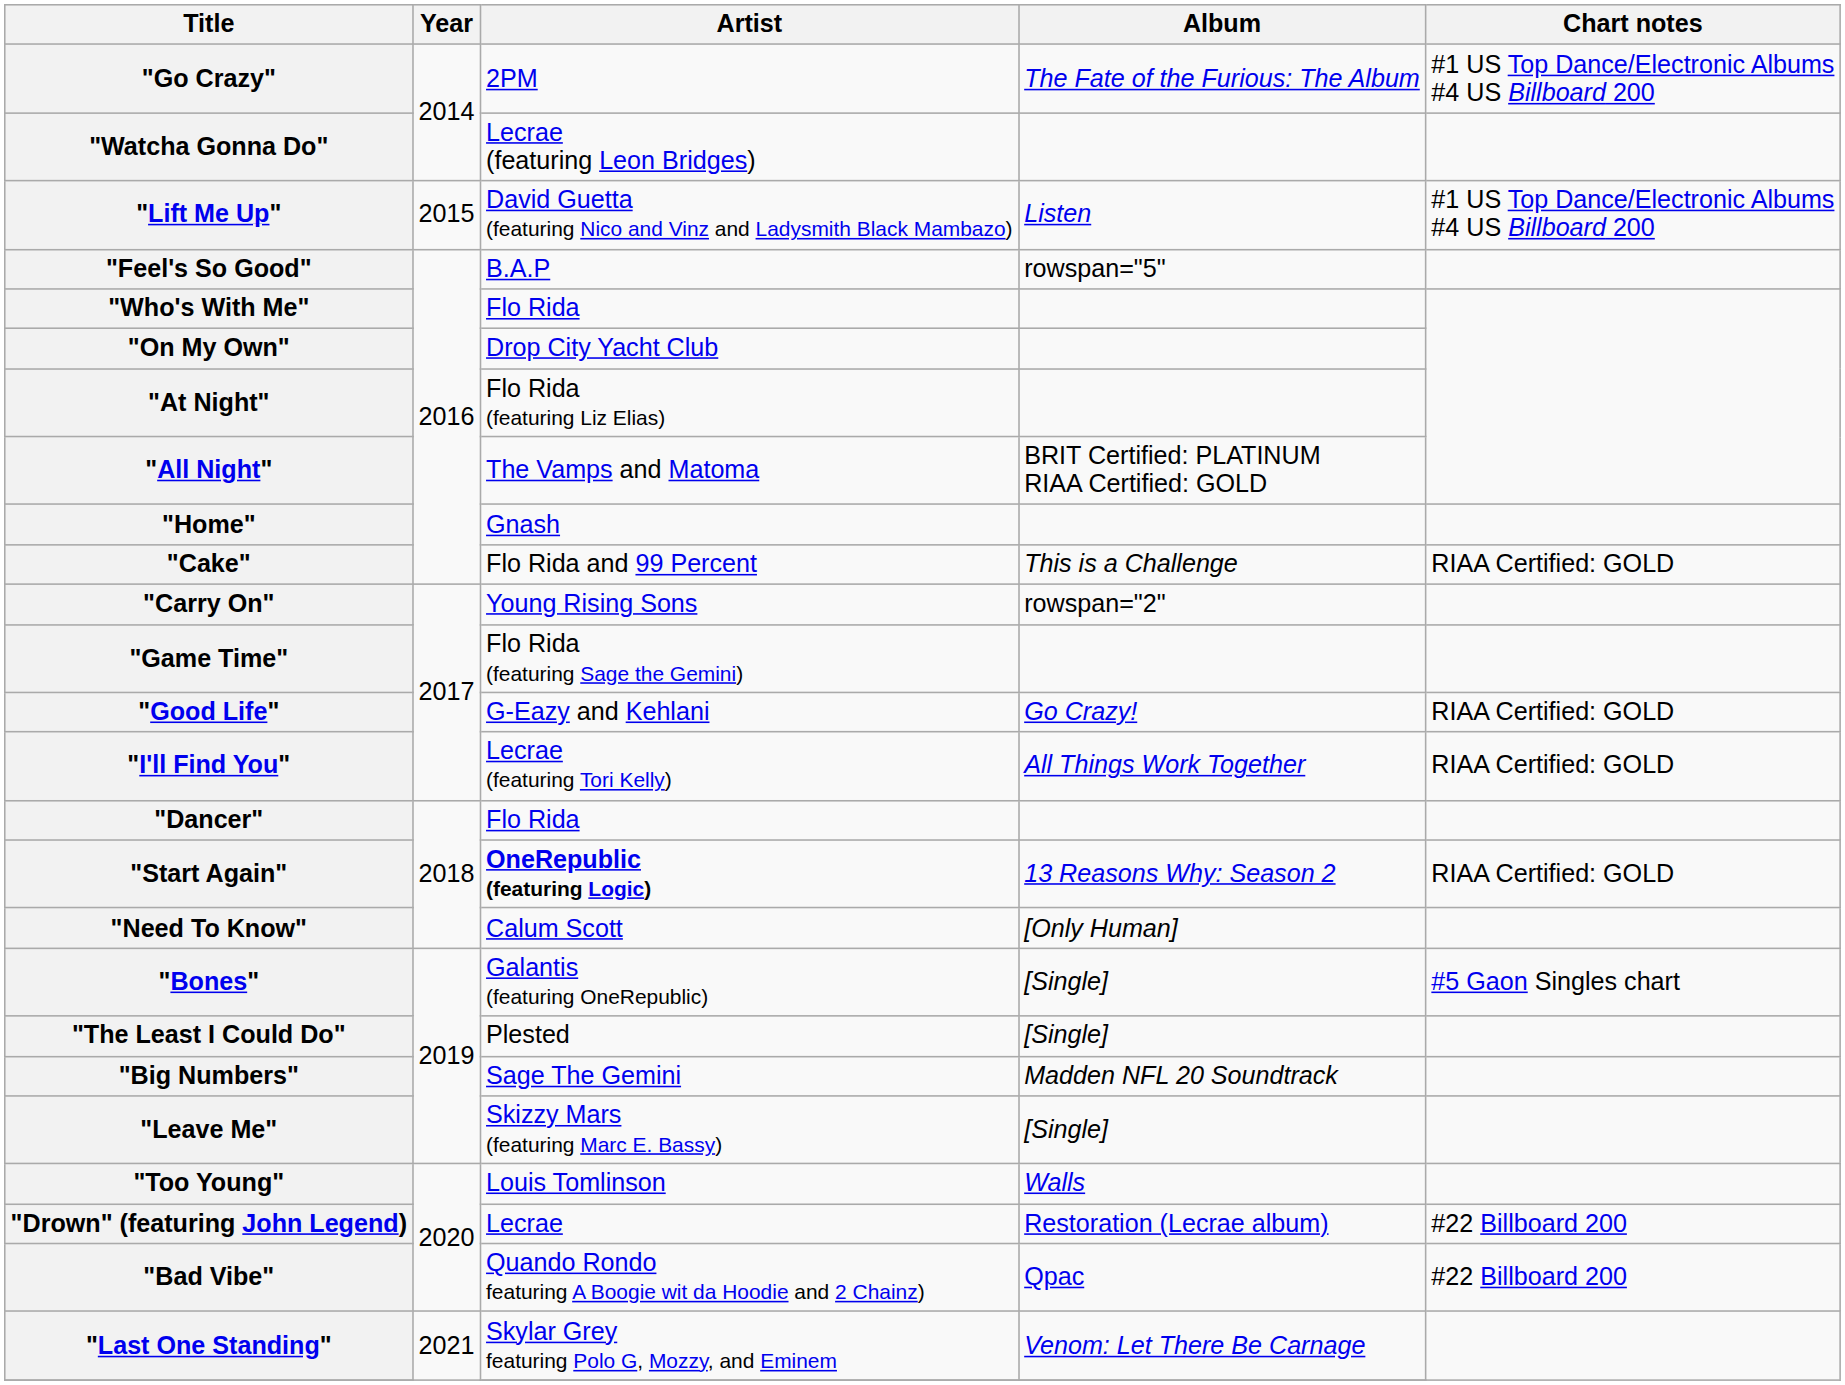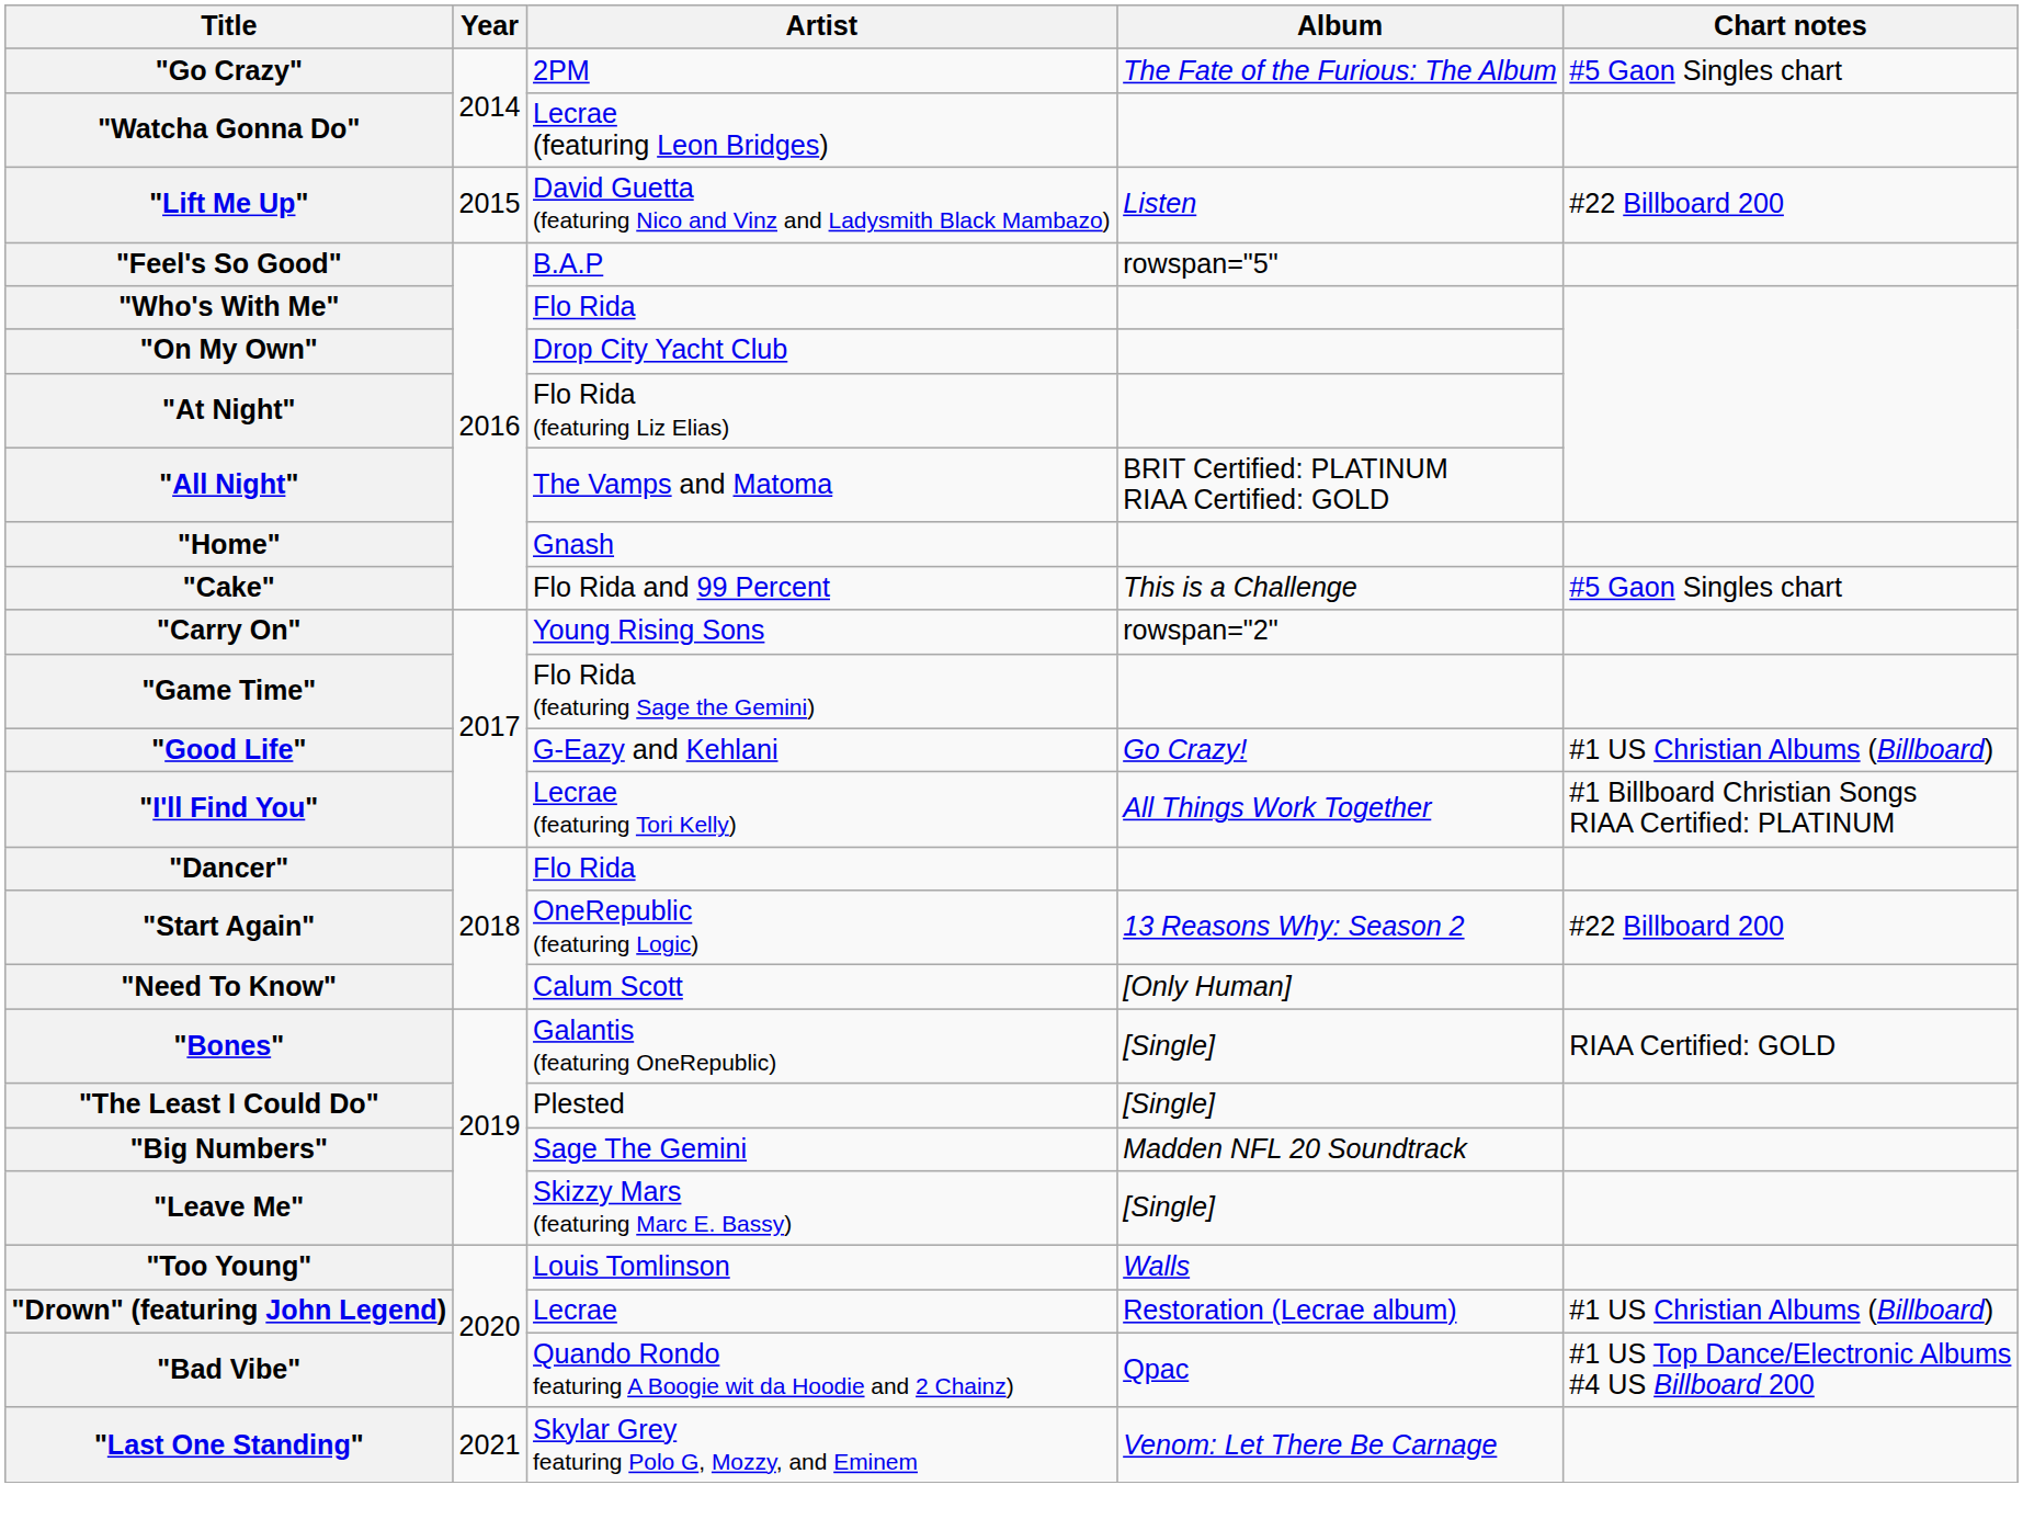 <table class="wikitable plainrowheaders">
 <tr>
 <th>Title</th>
 <th>Year</th>
 <th>Artist</th>
 <th>Album</th>
 <th>Chart notes</th>
 </tr>
 <tr>
 <th scope="row">"Go Crazy"</th>
 <td rowspan="2">2014</td>
 <td><a href='#'>2PM</a></td>
 <td><em><a href='#'>The Fate of the Furious: The Album</a></em></td>
-<td>#1 US <a href='#'>Top Dance/Electronic Albums</a><br>#4  US <a href='#'><em>Billboard</em> 200</a></td>
+<td><a href='#'>#5 Gaon</a> Singles chart</td>
 </tr>
 <tr>
 <th scope="row">"Watcha Gonna Do"</th>
 <td><a href='#'>Lecrae</a><br>(featuring <a href='#'>Leon Bridges</a>)</td>
 <td></td>
 <td></td>
 </tr>
 <tr>
 <th scope="row">"<a href='#'>Lift Me Up</a>"</th>
 <td>2015</td>
 <td><a href='#'>David Guetta</a><br><small>(featuring <a href='#'>Nico and Vinz</a> and <a href='#'>Ladysmith Black Mambazo</a>)</small></td>
 <td><em><a href='#'>Listen</a></em></td>
-<td>#1 US <a href='#'>Top Dance/Electronic Albums</a><br>#4  US <a href='#'><em>Billboard</em> 200</a></td>
+<td>#22 <a href='#'>Billboard 200</a></td>
 </tr>
 <tr>
 <th scope="row">"Feel's So Good"</th>
 <td rowspan="7">2016</td>
 <td><a href='#'>B.A.P</a></td>
 <td>rowspan="5" </td>
 <td></td>
 </tr>
 <tr>
 <th scope="row">"Who's With Me"</th>
 <td><a href='#'>Flo Rida</a></td>
 <td></td>
 </tr>
 <tr>
 <th scope="row">"On My Own"</th>
 <td><a href='#'>Drop City Yacht Club</a></td>
 <td></td>
 </tr>
 <tr>
 <th scope="row">"At Night"</th>
 <td>Flo Rida<br><small>(featuring Liz Elias)</small></td>
 <td></td>
 </tr>
 <tr>
 <th scope="row">"<a href='#'>All Night</a>"</th>
 <td><a href='#'>The Vamps</a> and <a href='#'>Matoma</a></td>
 <td>BRIT Certified: PLATINUM<br>RIAA Certified: GOLD</td>
 </tr>
 <tr>
 <th scope="row">"Home"</th>
 <td><a href='#'>Gnash</a></td>
 <td></td>
 <td></td>
 </tr>
 <tr>
 <th scope="row">"Cake"</th>
 <td>Flo Rida and <a href='#'>99 Percent</a></td>
 <td><em>This is a Challenge</em></td>
-<td>RIAA Certified: GOLD</td>
+<td><a href='#'>#5 Gaon</a> Singles chart</td>
 </tr>
 <tr>
 <th scope="row">"Carry On"</th>
 <td rowspan="4">2017</td>
 <td><a href='#'>Young Rising Sons</a></td>
 <td>rowspan="2" </td>
 <td></td>
 </tr>
 <tr>
 <th scope="row">"Game Time"</th>
 <td>Flo Rida<br><small>(featuring <a href='#'>Sage the Gemini</a>)</small></td>
 <td></td>
 </tr>
 <tr>
 <th scope="row">"<a href='#'>Good Life</a>"</th>
 <td><a href='#'>G-Eazy</a> and <a href='#'>Kehlani</a></td>
 <td><em><a href='#'>Go Crazy!</a></em></td>
-<td>RIAA Certified: GOLD</td>
+<td>#1 US <a href='#'>Christian Albums</a> (<a href='#'><em>Billboard</em></a>)</td>
 </tr>
 <tr>
 <th scope="row">"<a href='#'>I'll Find You</a>"</th>
 <td><a href='#'>Lecrae</a><br><small>(featuring <a href='#'>Tori Kelly</a>)</small></td>
 <td><em><a href='#'>All Things Work Together</a></em></td>
-<td>RIAA Certified: GOLD</td>
+<td>#1 Billboard Christian Songs <br> RIAA Certified: PLATINUM</td>
 </tr>
 <tr>
 <th scope="row">"Dancer"</th>
 <td rowspan="3">2018</td>
 <td><a href='#'>Flo Rida</a></td>
 <td></td>
 <td></td>
 </tr>
 <tr>
 <th scope="row">"Start Again"</th>
-<td><strong><a href='#'>OneRepublic</a><br><small>(featuring <a href='#'>Logic</a>)</small></strong></td>
+<td><a href='#'>OneRepublic</a><br><small>(featuring <a href='#'>Logic</a>)</small></td>
 <td><em><a href='#'>13 Reasons Why: Season 2</a></em></td>
-<td>RIAA Certified: GOLD</td>
+<td>#22 <a href='#'>Billboard 200</a></td>
 </tr>
 <tr>
 <th scope="row">"Need To Know"</th>
 <td><a href='#'>Calum Scott</a></td>
 <td><em>[Only Human]</em></td>
 <td></td>
 </tr>
 <tr>
 <th scope="row">"<a href='#'>Bones</a>"</th>
 <td rowspan="4">2019</td>
 <td><a href='#'>Galantis</a><br><small>(featuring OneRepublic)</small></td>
 <td><em>[Single]</em></td>
-<td><a href='#'>#5 Gaon</a> Singles chart</td>
+<td>RIAA Certified: GOLD</td>
 </tr>
 <tr>
 <th scope="row">"The Least I Could Do"</th>
 <td>Plested</td>
 <td><em>[Single]</em></td>
 <td></td>
 </tr>
 <tr>
 <th scope="row">"Big Numbers"</th>
 <td><a href='#'>Sage The Gemini</a></td>
 <td><em>Madden NFL 20 Soundtrack</em></td>
 <td></td>
 </tr>
 <tr>
 <th scope="row">"Leave Me"</th>
 <td><a href='#'>Skizzy Mars</a><br><small>(featuring <a href='#'>Marc E. Bassy</a>)</small></td>
 <td><em>[Single]</em></td>
 </tr>
 <tr>
 <th scope="row">"Too Young"</th>
 <td rowspan="3">2020</td>
 <td><a href='#'>Louis Tomlinson</a></td>
 <td><em><a href='#'>Walls</a></em></td>
 <td></td>
 </tr>
 <tr>
 <th scope="row">"Drown" (featuring <a href='#'>John Legend</a>)</th>
 <td><a href='#'>Lecrae</a></td>
 <td><a href='#'>Restoration (Lecrae album)</a></td>
-<td>#22 <a href='#'>Billboard 200</a></td>
+<td>#1 US <a href='#'>Christian Albums</a> (<a href='#'><em>Billboard</em></a>)</td>
 </tr>
 <tr>
 <th scope="row">"Bad Vibe"</th>
 <td><a href='#'>Quando Rondo</a><br><small> featuring <a href='#'>A Boogie wit da Hoodie</a> and <a href='#'>2 Chainz</a>)</small></td>
 <td><a href='#'>Qpac</a></td>
-<td>#22 <a href='#'>Billboard 200</a></td>
+<td>#1 US <a href='#'>Top Dance/Electronic Albums</a><br>#4  US <a href='#'><em>Billboard</em> 200</a></td>
 </tr>
 <tr>
 <th scope="row">"<a href='#'>Last One Standing</a>"</th>
 <td rowspan="3">2021</td>
 <td><a href='#'>Skylar Grey</a><br><small> featuring <a href='#'>Polo G</a>, <a href='#'>Mozzy</a>, and <a href='#'>Eminem</a></small></td>
 <td><em><a href='#'>Venom: Let There Be Carnage</a></em></td>
 </tr>
 <tr>
 </tr>
 </table>
